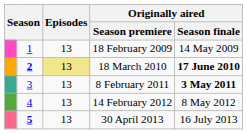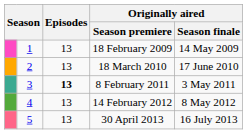 <table class="wikitable plainrowheaders"  style="text-align:center;">
 <tr>
 <th scope=col colspan="2" rowspan="2">Season</th>
 <th scope=col rowspan="2">Episodes</th>
 <th scope=col colspan="2">Originally aired</th>
 </tr>
 <tr>
 <th>Season premiere</th>
 <th>Season finale</th>
 </tr>
 <tr>
 <td bgcolor="#FF4AC3" height="10px"></td>
 <td align="center"><a href='#'>1</a></td>
 <td align="center">13</td>
 <td align="center">18 February 2009</td>
 <td align="center">14 May 2009</td>
 </tr>
 <tr>
 <td bgcolor="#ffa800" height="10px"></td>
-<td align="center"><strong><a href='#'>2</a></strong></td>
-<td align="center" style="background: khaki;">13</td>
+<td align="center"><a href='#'>2</a></td>
+<td align="center">13</td>
 <td align="center">18 March 2010</td>
-<td align="center"><strong>17 June 2010</strong></td>
+<td align="center">17 June 2010</td>
 </tr>
 <tr>
 <td bgcolor="#3BA991" height="10px"></td>
 <td align="center"><a href='#'>3</a></td>
-<td align="center">13</td>
+<td align="center"><strong>13</strong></td>
 <td align="center">8 February 2011</td>
-<td align="center"><strong>3 May 2011</strong></td>
+<td align="center">3 May 2011</td>
 </tr>
 <tr>
 <td bgcolor="#53A93B" height="10px"></td>
 <td align="center"><a href='#'>4</a></td>
 <td align="center">13</td>
 <td align="center">14 February 2012</td>
 <td align="center">8 May 2012</td>
 </tr>
 <tr>
 <td bgcolor="#FF6588" height="10px"></td>
-<td align="center"><strong><a href='#'>5</a></strong></td>
+<td align="center"><a href='#'>5</a></td>
 <td align="center">13</td>
 <td align="center">30 April 2013</td>
 <td align="center">16 July 2013</td>
 </tr>
 </table>
